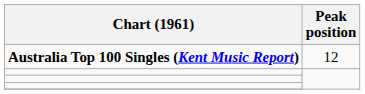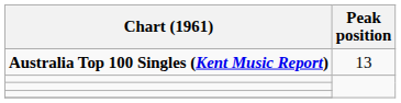 <table class="wikitable sortable">
 <tr>
 <th align="left">Chart (1961)</th>
 <th align="center">Peak<br>position</th>
 </tr>
 <tr>
 <td align="left"><strong>Australia Top 100 Singles (<em><a href='#'>Kent Music Report</a></em>)</strong></td>
-<td align="center">12</td>
+<td align="center">13</td>
 </tr>
 <tr>
 <td></td>
 </tr>
 <tr>
 <td></td>
 </tr>
 <tr>
 <td></td>
 </tr>
 <tr>
 </tr>
 </table>
